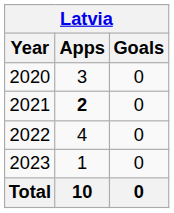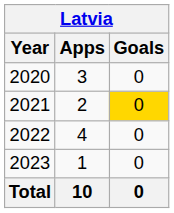 <table class="wikitable" style="text-align:center">
 <tr>
 <th colspan=3><a href='#'>Latvia</a></th>
 </tr>
 <tr>
 <th>Year</th>
 <th>Apps</th>
 <th>Goals</th>
 </tr>
 <tr>
 <td>2020</td>
 <td>3</td>
 <td>0</td>
 </tr>
 <tr>
 <td>2021</td>
-<td><strong>2</strong></td>
-<td>0</td>
+<td>2</td>
+<td style="background: gold;">0</td>
 </tr>
 <tr>
 <td>2022</td>
 <td>4</td>
 <td>0</td>
 </tr>
 <tr>
 <td>2023</td>
 <td>1</td>
 <td>0</td>
 </tr>
 <tr>
 <th>Total</th>
 <th>10</th>
 <th>0</th>
 </tr>
 </table>
